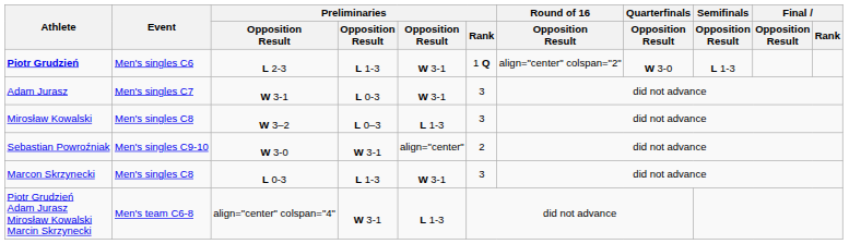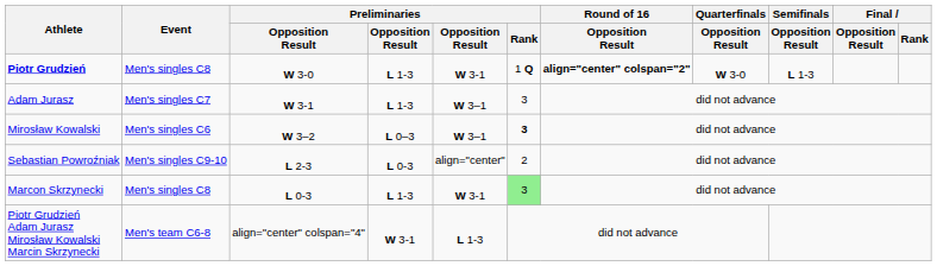 <table class=wikitable style="font-size:90%">
 <tr>
 <th rowspan="2">Athlete</th>
 <th rowspan="2">Event</th>
 <th colspan="4">Preliminaries</th>
 <th>Round of 16</th>
 <th>Quarterfinals</th>
 <th>Semifinals</th>
 <th colspan="2">Final / </th>
 </tr>
 <tr>
 <th>Opposition<br>Result</th>
 <th>Opposition<br>Result</th>
 <th>Opposition<br>Result</th>
 <th>Rank</th>
 <th>Opposition<br>Result</th>
 <th>Opposition<br>Result</th>
 <th>Opposition<br>Result</th>
 <th>Opposition<br>Result</th>
 <th>Rank</th>
 </tr>
 <tr>
 <td><strong><a href='#'>Piotr Grudzień</a></strong></td>
-<td><a href='#'>Men's singles C6</a></td>
-<td align="center"><br><strong>L</strong> 2-3</td>
+<td><a href='#'>Men's singles C8</a></td>
+<td align="center"><br><strong>W</strong> 3-0</td>
 <td align="center"><br><strong>L</strong> 1-3</td>
 <td align="center"><br><strong>W</strong> 3-1</td>
 <td align="center">1 <strong>Q</strong></td>
-<td>align="center" colspan="2" </td>
+<td><strong>align="center" colspan="2" </strong></td>
 <td align="center"><br><strong>W</strong> 3-0</td>
 <td align="center"><br><strong>L</strong> 1-3</td>
 <td align="center"></td>
 </tr>
 <tr>
 <td><a href='#'>Adam Jurasz</a></td>
 <td><a href='#'>Men's singles C7</a></td>
 <td align="center"><br><strong>W</strong> 3-1</td>
-<td align="center"><br><strong>L</strong> 0-3</td>
-<td align="center"><br><strong>W</strong> 3-1</td>
+<td align="center"><br><strong>L</strong> 1-3</td>
+<td align="center"><br><strong>W</strong> 3–1</td>
 <td align="center">3</td>
 <td align="center" colspan="5">did not advance</td>
 </tr>
 <tr>
 <td><a href='#'>Mirosław Kowalski</a></td>
-<td><a href='#'>Men's singles C8</a></td>
+<td><a href='#'>Men's singles C6</a></td>
 <td align="center"><br><strong>W</strong> 3–2</td>
 <td align="center"><br><strong>L</strong> 0–3</td>
-<td align="center"><br><strong>L</strong> 1-3</td>
-<td align="center">3</td>
+<td align="center"><br><strong>W</strong> 3–1</td>
+<td align="center"><strong>3</strong></td>
 <td align="center" colspan="5">did not advance</td>
 </tr>
 <tr>
 <td><a href='#'>Sebastian Powroźniak</a></td>
 <td><a href='#'>Men's singles C9-10</a></td>
-<td align="center"><br><strong>W</strong> 3-0</td>
-<td align="center"><br><strong>W</strong> 3-1</td>
+<td align="center"><br><strong>L</strong> 2-3</td>
+<td align="center"><br><strong>L</strong> 0-3</td>
 <td>align="center" </td>
 <td align="center">2</td>
 <td align="center" colspan="5">did not advance</td>
 </tr>
 <tr>
 <td><a href='#'>Marcon Skrzynecki</a></td>
 <td><a href='#'>Men's singles C8</a></td>
 <td align="center"><br><strong>L</strong> 0-3</td>
 <td align="center"><br><strong>L</strong> 1-3</td>
 <td align="center"><br><strong>W</strong> 3-1</td>
-<td align="center">3</td>
+<td align="center" style="background: lightgreen;">3</td>
 <td align="center" colspan="5">did not advance</td>
 </tr>
 <tr>
 <td><a href='#'>Piotr Grudzień</a><br> <a href='#'>Adam Jurasz</a><br> <a href='#'>Mirosław Kowalski</a><br> <a href='#'>Marcin Skrzynecki</a></td>
 <td><a href='#'>Men's team C6-8</a></td>
 <td>align="center" colspan="4" </td>
 <td align="center"><br><strong>W</strong> 3-1</td>
 <td align="center"><br><strong>L</strong> 1-3</td>
 <td align="center" colspan="3">did not advance</td>
 </tr>
 </table>
